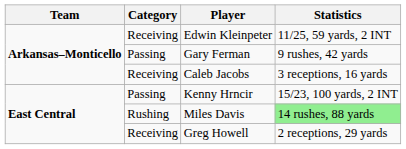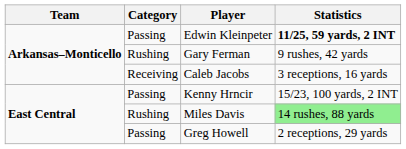 <table class="wikitable" style="float: right;">
 <tr>
 <th>Team</th>
 <th>Category</th>
 <th>Player</th>
 <th>Statistics</th>
 </tr>
 <tr>
 <td rowspan=3><strong>Arkansas–Monticello</strong></td>
-<td>Receiving</td>
+<td>Passing</td>
 <td>Edwin Kleinpeter</td>
-<td>11/25, 59 yards, 2 INT</td>
+<td><strong>11/25, 59 yards, 2 INT</strong></td>
 </tr>
 <tr>
-<td>Passing</td>
+<td>Rushing</td>
 <td>Gary Ferman</td>
 <td>9 rushes, 42 yards</td>
 </tr>
 <tr>
 <td>Receiving</td>
 <td>Caleb Jacobs</td>
 <td>3 receptions, 16 yards</td>
 </tr>
 <tr>
 <td rowspan=3><strong>East Central</strong></td>
 <td>Passing</td>
 <td>Kenny Hrncir</td>
 <td>15/23, 100 yards, 2 INT</td>
 </tr>
 <tr>
 <td>Rushing</td>
 <td>Miles Davis</td>
 <td style="background: lightgreen;">14 rushes, 88 yards</td>
 </tr>
 <tr>
-<td>Receiving</td>
+<td>Passing</td>
 <td>Greg Howell</td>
 <td>2 receptions, 29 yards</td>
 </tr>
 </table>
